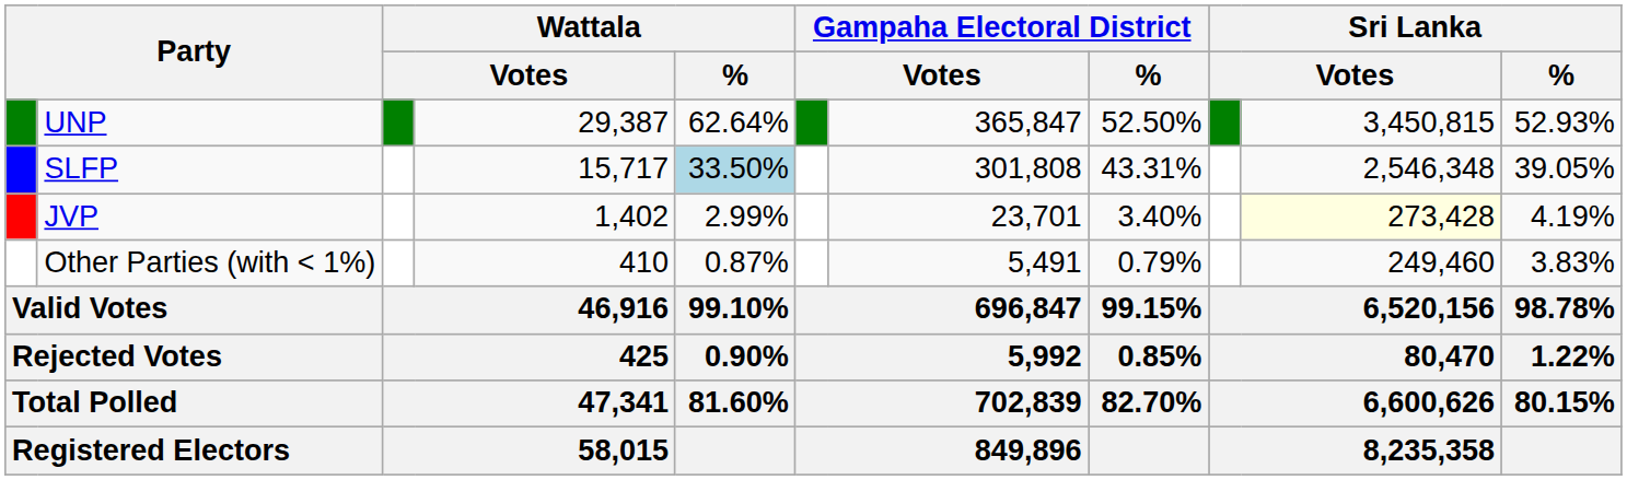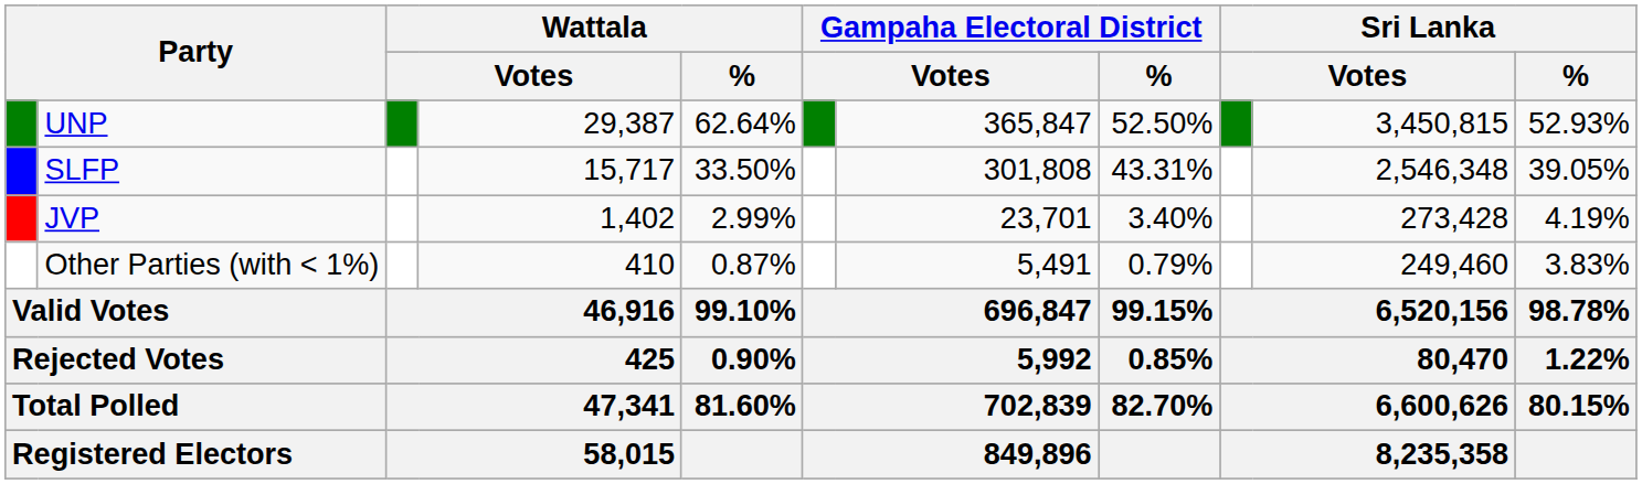 <table class="wikitable">
 <tr>
 <th colspan="2" width="144px"rowspan="2">Party</th>
 <th colspan="3" width="216px">Wattala</th>
 <th colspan="3" width="216px"><a href='#'>Gampaha Electoral District</a></th>
 <th colspan="3" width="216px">Sri Lanka</th>
 </tr>
 <tr>
 <th colspan="2" width="144px">Votes</th>
 <th>%</th>
 <th colspan="2" width="144px">Votes</th>
 <th>%</th>
 <th colspan="2" width="144px">Votes</th>
 <th>%</th>
 </tr>
 <tr>
 <td style="background-color:green;" width="10px"></td>
 <td style="text-align:left;"><a href='#'>UNP</a></td>
 <td style="background-color:green;" width="10px"></td>
 <td style="text-align:right;">29,387</td>
 <td style="text-align:right;">62.64%</td>
 <td style="background-color:green;" width="10px"></td>
 <td style="text-align:right;">365,847</td>
 <td style="text-align:right;">52.50%</td>
 <td style="background-color:green;" width="10px"></td>
 <td style="text-align:right;">3,450,815</td>
 <td style="text-align:right;">52.93%</td>
 </tr>
 <tr>
 <td style="background-color:blue;" width="10px"></td>
 <td style="text-align:left;"><a href='#'>SLFP</a></td>
 <td style="background-color:white;" width="10px"></td>
 <td style="text-align:right;">15,717</td>
-<td style="background: lightblue; text-align:right;">33.50%</td>
+<td style="text-align:right;">33.50%</td>
 <td style="background-color:white;" width="10px"></td>
 <td style="text-align:right;">301,808</td>
 <td style="text-align:right;">43.31%</td>
 <td style="background-color:white;" width="10px"></td>
 <td style="text-align:right;">2,546,348</td>
 <td style="text-align:right;">39.05%</td>
 </tr>
 <tr>
 <td style="background-color:red;" width="10px"></td>
 <td style="text-align:left;"><a href='#'>JVP</a></td>
 <td style="background-color:white;" width="10px"></td>
 <td style="text-align:right;">1,402</td>
 <td style="text-align:right;">2.99%</td>
 <td style="background-color:white;" width="10px"></td>
 <td style="text-align:right;">23,701</td>
 <td style="text-align:right;">3.40%</td>
 <td style="background-color:white;" width="10px"></td>
-<td style="background: lightyellow; text-align:right;">273,428</td>
+<td style="text-align:right;">273,428</td>
 <td style="text-align:right;">4.19%</td>
 </tr>
 <tr>
 <td style="background-color:white;" width="10px"></td>
 <td style="text-align:left;">Other Parties (with < 1%)</td>
 <td style="background-color:white;" width="10px"></td>
 <td style="text-align:right;">410</td>
 <td style="text-align:right;">0.87%</td>
 <td style="background-color:white;" width="10px"></td>
 <td style="text-align:right;">5,491</td>
 <td style="text-align:right;">0.79%</td>
 <td style="background-color:white;" width="10px"></td>
 <td style="text-align:right;">249,460</td>
 <td style="text-align:right;">3.83%</td>
 </tr>
 <tr>
 <th colspan="2" width="144px"style="text-align:left;">Valid Votes</th>
 <th style="text-align:right;"colspan="2" width="144px">46,916</th>
 <th style="text-align:right;">99.10%</th>
 <th style="text-align:right;"colspan="2" width="144px">696,847</th>
 <th style="text-align:right;">99.15%</th>
 <th style="text-align:right;"colspan="2" width="144px">6,520,156</th>
 <th style="text-align:right;">98.78%</th>
 </tr>
 <tr>
 <th colspan="2" width="144px"style="text-align:left;">Rejected Votes</th>
 <th style="text-align:right;"colspan="2" width="144px">425</th>
 <th style="text-align:right;">0.90%</th>
 <th style="text-align:right;"colspan="2" width="144px">5,992</th>
 <th style="text-align:right;">0.85%</th>
 <th style="text-align:right;"colspan="2" width="144px">80,470</th>
 <th style="text-align:right;">1.22%</th>
 </tr>
 <tr>
 <th colspan="2" width="144px"style="text-align:left;">Total Polled</th>
 <th style="text-align:right;"colspan="2" width="144px">47,341</th>
 <th style="text-align:right;">81.60%</th>
 <th style="text-align:right;"colspan="2" width="144px">702,839</th>
 <th style="text-align:right;">82.70%</th>
 <th style="text-align:right;"colspan="2" width="144px">6,600,626</th>
 <th style="text-align:right;">80.15%</th>
 </tr>
 <tr>
 <th colspan="2" width="144px"style="text-align:left;">Registered Electors</th>
 <th style="text-align:right;"colspan="2" width="144px">58,015</th>
 <th></th>
 <th style="text-align:right;"colspan="2" width="144px">849,896</th>
 <th></th>
 <th style="text-align:right;"colspan="2" width="144px">8,235,358</th>
 <th></th>
 </tr>
 </table>
